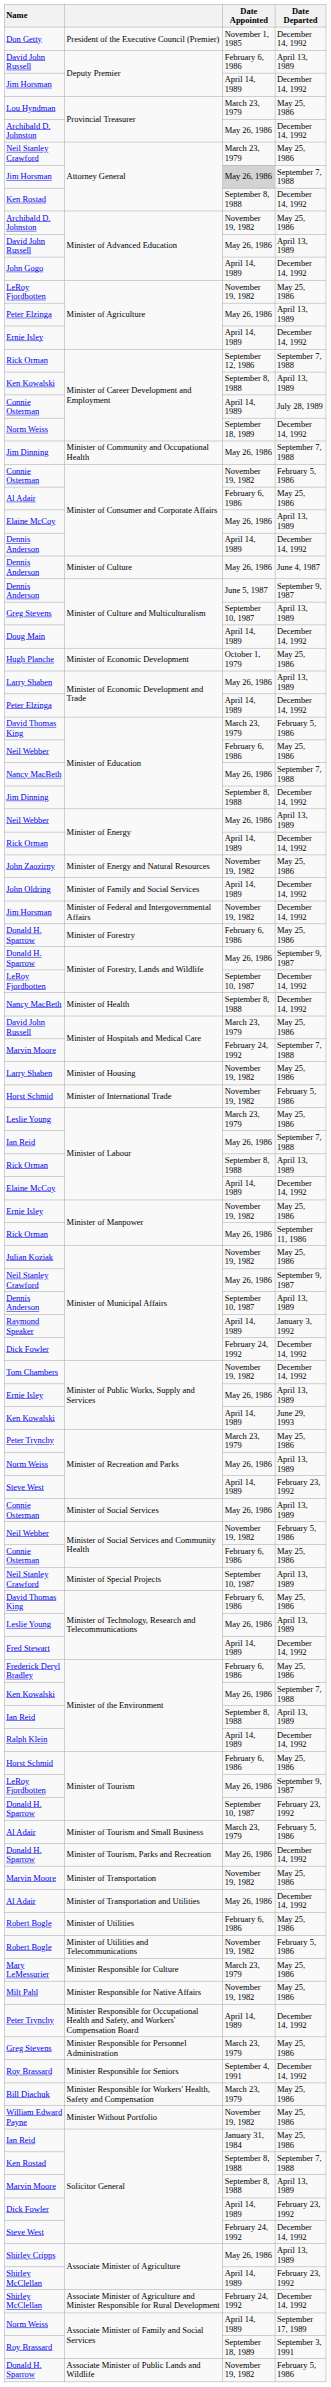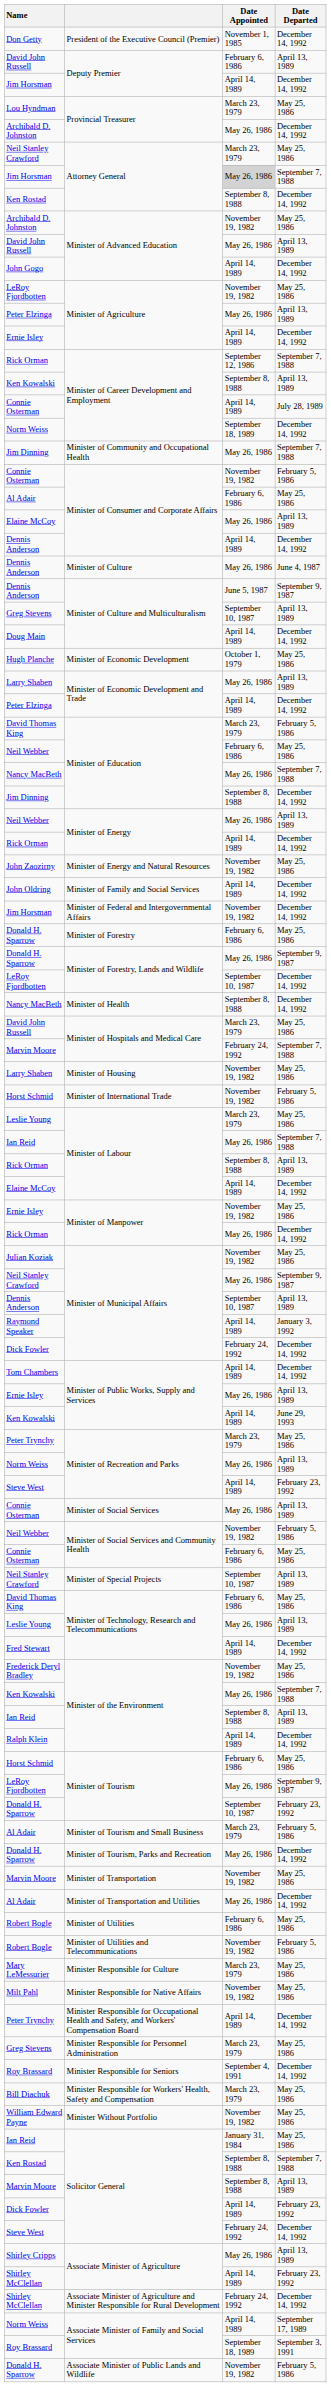 <table class="wikitable sortable" style="text-align:left;">
 <tr>
 <th style="text-align:left;">Name</th>
 <th></th>
 <th>Date Appointed</th>
 <th>Date Departed</th>
 </tr>
 <tr>
 <td style="text-align:left;"><a href='#'>Don Getty</a></td>
 <td>President of the Executive Council (Premier)</td>
 <td>November 1, 1985</td>
 <td>December 14, 1992</td>
 </tr>
 <tr>
 <td><a href='#'>David John Russell</a></td>
 <td rowspan="2">Deputy Premier</td>
 <td>February 6, 1986</td>
 <td>April 13, 1989</td>
 </tr>
 <tr>
 <td><a href='#'>Jim Horsman</a></td>
 <td>April 14, 1989</td>
 <td>December 14, 1992</td>
 </tr>
 <tr>
 <td style="text-align:left;"><a href='#'>Lou Hyndman</a></td>
 <td rowspan="2">Provincial Treasurer</td>
 <td>March 23, 1979</td>
 <td>May 25, 1986</td>
 </tr>
 <tr>
 <td style="text-align:left;"><a href='#'>Archibald D. Johnston</a></td>
 <td>May 26, 1986</td>
 <td>December 14, 1992</td>
 </tr>
 <tr>
 <td style="text-align:left;"><a href='#'>Neil Stanley Crawford</a></td>
 <td rowspan="3">Attorney General</td>
 <td>March 23, 1979</td>
 <td>May 25, 1986</td>
 </tr>
 <tr>
 <td style="text-align:left;"><a href='#'>Jim Horsman</a></td>
 <td style="background: lightgrey;">May 26, 1986</td>
 <td>September 7, 1988</td>
 </tr>
 <tr style="text-align:left;">
 <td><a href='#'>Ken Rostad</a></td>
 <td>September 8, 1988</td>
 <td>December 14, 1992</td>
 </tr>
 <tr style="text-align:left;">
 <td><a href='#'>Archibald D. Johnston</a></td>
 <td rowspan="3">Minister of Advanced Education</td>
 <td>November 19, 1982</td>
 <td>May 25, 1986</td>
 </tr>
 <tr>
 <td><a href='#'>David John Russell</a></td>
 <td>May 26, 1986</td>
 <td>April 13, 1989</td>
 </tr>
 <tr>
 <td><a href='#'>John Gogo</a></td>
 <td>April 14, 1989</td>
 <td>December 14, 1992</td>
 </tr>
 <tr>
 <td><a href='#'>LeRoy Fjordbotten</a></td>
 <td rowspan="3">Minister of Agriculture</td>
 <td>November 19, 1982</td>
 <td>May 25, 1986</td>
 </tr>
 <tr>
 <td><a href='#'>Peter Elzinga</a></td>
 <td>May 26, 1986</td>
 <td>April 13, 1989</td>
 </tr>
 <tr>
 <td><a href='#'>Ernie Isley</a></td>
 <td>April 14, 1989</td>
 <td>December 14, 1992</td>
 </tr>
 <tr>
 <td><a href='#'>Rick Orman</a></td>
 <td rowspan="4">Minister of Career Development and Employment</td>
 <td>September 12, 1986</td>
 <td>September 7, 1988</td>
 </tr>
 <tr>
 <td><a href='#'>Ken Kowalski</a></td>
 <td>September 8, 1988</td>
 <td>April 13, 1989</td>
 </tr>
 <tr>
 <td><a href='#'>Connie Osterman</a></td>
 <td>April 14, 1989</td>
 <td>July 28, 1989</td>
 </tr>
 <tr>
 <td><a href='#'>Norm Weiss</a></td>
 <td>September 18, 1989</td>
 <td>December 14, 1992</td>
 </tr>
 <tr>
 <td><a href='#'>Jim Dinning</a></td>
 <td>Minister of Community and Occupational Health</td>
 <td>May 26, 1986</td>
 <td>September 7, 1988</td>
 </tr>
 <tr>
 <td><a href='#'>Connie Osterman</a></td>
 <td rowspan="4">Minister of Consumer and Corporate Affairs</td>
 <td>November 19, 1982</td>
 <td>February 5, 1986</td>
 </tr>
 <tr>
 <td><a href='#'>Al Adair</a></td>
 <td>February 6, 1986</td>
 <td>May 25, 1986</td>
 </tr>
 <tr>
 <td><a href='#'>Elaine McCoy</a></td>
 <td>May 26, 1986</td>
 <td>April 13, 1989</td>
 </tr>
 <tr>
 <td><a href='#'>Dennis Anderson</a></td>
 <td>April 14, 1989</td>
 <td>December 14, 1992</td>
 </tr>
 <tr>
 <td><a href='#'>Dennis Anderson</a></td>
 <td>Minister of Culture</td>
 <td>May 26, 1986</td>
 <td>June 4, 1987</td>
 </tr>
 <tr>
 <td><a href='#'>Dennis Anderson</a></td>
 <td rowspan="3">Minister of Culture and Multiculturalism</td>
 <td>June 5, 1987</td>
 <td>September 9, 1987</td>
 </tr>
 <tr>
 <td><a href='#'>Greg Stevens</a></td>
 <td>September 10, 1987</td>
 <td>April 13, 1989</td>
 </tr>
 <tr>
 <td><a href='#'>Doug Main</a></td>
 <td>April 14, 1989</td>
 <td>December 14, 1992</td>
 </tr>
 <tr>
 <td><a href='#'>Hugh Planche</a></td>
 <td>Minister of Economic Development</td>
 <td>October 1, 1979</td>
 <td>May 25, 1986</td>
 </tr>
 <tr>
 <td><a href='#'>Larry Shaben</a></td>
 <td rowspan="2">Minister of Economic Development and Trade</td>
 <td>May 26, 1986</td>
 <td>April 13, 1989</td>
 </tr>
 <tr>
 <td><a href='#'>Peter Elzinga</a></td>
 <td>April 14, 1989</td>
 <td>December 14, 1992</td>
 </tr>
 <tr>
 <td><a href='#'>David Thomas King</a></td>
 <td rowspan="4">Minister of Education</td>
 <td>March 23, 1979</td>
 <td>February 5, 1986</td>
 </tr>
 <tr>
 <td><a href='#'>Neil Webber</a></td>
 <td>February 6, 1986</td>
 <td>May 25, 1986</td>
 </tr>
 <tr>
 <td><a href='#'>Nancy MacBeth</a></td>
 <td>May 26, 1986</td>
 <td>September 7, 1988</td>
 </tr>
 <tr>
 <td><a href='#'>Jim Dinning</a></td>
 <td>September 8, 1988</td>
 <td>December 14, 1992</td>
 </tr>
 <tr>
 <td><a href='#'>Neil Webber</a></td>
 <td rowspan="2">Minister of Energy</td>
 <td>May 26, 1986</td>
 <td>April 13, 1989</td>
 </tr>
 <tr>
 <td><a href='#'>Rick Orman</a></td>
 <td>April 14, 1989</td>
 <td>December 14, 1992</td>
 </tr>
 <tr>
 <td><a href='#'>John Zaozirny</a></td>
 <td>Minister of Energy and Natural Resources</td>
 <td>November 19, 1982</td>
 <td>May 25, 1986</td>
 </tr>
 <tr>
 <td><a href='#'>John Oldring</a></td>
 <td>Minister of Family and Social Services</td>
 <td>April 14, 1989</td>
 <td>December 14, 1992</td>
 </tr>
 <tr>
 <td><a href='#'>Jim Horsman</a></td>
 <td>Minister of Federal and Intergovernmental Affairs</td>
 <td>November 19, 1982</td>
 <td>December 14, 1992</td>
 </tr>
 <tr>
 <td><a href='#'>Donald H. Sparrow</a></td>
 <td>Minister of Forestry</td>
 <td>February 6, 1986</td>
 <td>May 25, 1986</td>
 </tr>
 <tr>
 <td><a href='#'>Donald H. Sparrow</a></td>
 <td rowspan="2">Minister of Forestry, Lands and Wildlife</td>
 <td>May 26, 1986</td>
 <td>September 9, 1987</td>
 </tr>
 <tr>
 <td><a href='#'>LeRoy Fjordbotten</a></td>
 <td>September 10, 1987</td>
 <td>December 14, 1992</td>
 </tr>
 <tr>
 <td><a href='#'>Nancy MacBeth</a></td>
 <td>Minister of Health</td>
 <td>September 8, 1988</td>
 <td>December 14, 1992</td>
 </tr>
 <tr>
 <td><a href='#'>David John Russell</a></td>
 <td rowspan="2">Minister of Hospitals and Medical Care</td>
 <td>March 23, 1979</td>
 <td>May 25, 1986</td>
 </tr>
 <tr>
 <td><a href='#'>Marvin Moore</a></td>
 <td>February 24, 1992</td>
 <td>September 7, 1988</td>
 </tr>
 <tr>
 <td><a href='#'>Larry Shaben</a></td>
 <td>Minister of Housing</td>
 <td>November 19, 1982</td>
 <td>May 25, 1986</td>
 </tr>
 <tr>
 <td><a href='#'>Horst Schmid</a></td>
 <td>Minister of International Trade</td>
 <td>November 19, 1982</td>
 <td>February 5, 1986</td>
 </tr>
 <tr>
 <td><a href='#'>Leslie Young</a></td>
 <td rowspan="4">Minister of Labour</td>
 <td>March 23, 1979</td>
 <td>May 25, 1986</td>
 </tr>
 <tr>
 <td><a href='#'>Ian Reid</a></td>
 <td>May 26, 1986</td>
 <td>September 7, 1988</td>
 </tr>
 <tr>
 <td><a href='#'>Rick Orman</a></td>
 <td>September 8, 1988</td>
 <td>April 13, 1989</td>
 </tr>
 <tr>
 <td><a href='#'>Elaine McCoy</a></td>
 <td>April 14, 1989</td>
 <td>December 14, 1992</td>
 </tr>
 <tr>
 <td><a href='#'>Ernie Isley</a></td>
 <td rowspan="2">Minister of Manpower</td>
 <td>November 19, 1982</td>
 <td>May 25, 1986</td>
 </tr>
 <tr>
 <td><a href='#'>Rick Orman</a></td>
 <td>May 26, 1986</td>
-<td>September 11, 1986</td>
+<td>December 14, 1992</td>
 </tr>
 <tr>
 <td><a href='#'>Julian Koziak</a></td>
 <td rowspan="5">Minister of Municipal Affairs</td>
 <td>November 19, 1982</td>
 <td>May 25, 1986</td>
 </tr>
 <tr>
 <td><a href='#'>Neil Stanley Crawford</a></td>
 <td>May 26, 1986</td>
 <td>September 9, 1987</td>
 </tr>
 <tr>
 <td><a href='#'>Dennis Anderson</a></td>
 <td>September 10, 1987</td>
 <td>April 13, 1989</td>
 </tr>
 <tr>
 <td><a href='#'>Raymond Speaker</a></td>
 <td>April 14, 1989</td>
 <td>January 3, 1992</td>
 </tr>
 <tr>
 <td><a href='#'>Dick Fowler</a></td>
 <td>February 24, 1992</td>
 <td>December 14, 1992</td>
 </tr>
 <tr>
 <td><a href='#'>Tom Chambers</a></td>
 <td rowspan="3">Minister of Public Works, Supply and Services</td>
-<td>November 19, 1982</td>
+<td>April 14, 1989</td>
 <td>December 14, 1992</td>
 </tr>
 <tr>
 <td><a href='#'>Ernie Isley</a></td>
 <td>May 26, 1986</td>
 <td>April 13, 1989</td>
 </tr>
 <tr>
 <td><a href='#'>Ken Kowalski</a></td>
 <td>April 14, 1989</td>
 <td>June 29, 1993</td>
 </tr>
 <tr>
 <td><a href='#'>Peter Trynchy</a></td>
 <td rowspan="3">Minister of Recreation and Parks</td>
 <td>March 23, 1979</td>
 <td>May 25, 1986</td>
 </tr>
 <tr>
 <td><a href='#'>Norm Weiss</a></td>
 <td>May 26, 1986</td>
 <td>April 13, 1989</td>
 </tr>
 <tr>
 <td><a href='#'>Steve West</a></td>
 <td>April 14, 1989</td>
 <td>February 23, 1992</td>
 </tr>
 <tr>
 <td><a href='#'>Connie Osterman</a></td>
 <td>Minister of Social Services</td>
 <td>May 26, 1986</td>
 <td>April 13, 1989</td>
 </tr>
 <tr>
 <td><a href='#'>Neil Webber</a></td>
 <td rowspan="2">Minister of Social Services and Community Health</td>
 <td>November 19, 1982</td>
 <td>February 5, 1986</td>
 </tr>
 <tr>
 <td><a href='#'>Connie Osterman</a></td>
 <td>February 6, 1986</td>
 <td>May 25, 1986</td>
 </tr>
 <tr>
 <td><a href='#'>Neil Stanley Crawford</a></td>
 <td>Minister of Special Projects</td>
 <td>September 10, 1987</td>
 <td>April 13, 1989</td>
 </tr>
 <tr>
 <td><a href='#'>David Thomas King</a></td>
 <td rowspan="3">Minister of Technology, Research and Telecommunications</td>
 <td>February 6, 1986</td>
 <td>May 25, 1986</td>
 </tr>
 <tr>
 <td><a href='#'>Leslie Young</a></td>
 <td>May 26, 1986</td>
 <td>April 13, 1989</td>
 </tr>
 <tr>
 <td><a href='#'>Fred Stewart</a></td>
 <td>April 14, 1989</td>
 <td>December 14, 1992</td>
 </tr>
 <tr>
 <td><a href='#'>Frederick Deryl Bradley</a></td>
 <td rowspan="4">Minister of the Environment</td>
-<td>February 6, 1986</td>
+<td>November 19, 1982</td>
 <td>May 25, 1986</td>
 </tr>
 <tr>
 <td><a href='#'>Ken Kowalski</a></td>
 <td>May 26, 1986</td>
 <td>September 7, 1988</td>
 </tr>
 <tr>
 <td><a href='#'>Ian Reid</a></td>
 <td>September 8, 1988</td>
 <td>April 13, 1989</td>
 </tr>
 <tr>
 <td><a href='#'>Ralph Klein</a></td>
 <td>April 14, 1989</td>
 <td>December 14, 1992</td>
 </tr>
 <tr>
 <td><a href='#'>Horst Schmid</a></td>
 <td rowspan="3">Minister of Tourism</td>
 <td>February 6, 1986</td>
 <td>May 25, 1986</td>
 </tr>
 <tr>
 <td><a href='#'>LeRoy Fjordbotten</a></td>
 <td>May 26, 1986</td>
 <td>September 9, 1987</td>
 </tr>
 <tr>
 <td><a href='#'>Donald H. Sparrow</a></td>
 <td>September 10, 1987</td>
 <td>February 23, 1992</td>
 </tr>
 <tr>
 <td><a href='#'>Al Adair</a></td>
 <td>Minister of Tourism and Small Business</td>
 <td>March 23, 1979</td>
 <td>February 5, 1986</td>
 </tr>
 <tr>
 <td><a href='#'>Donald H. Sparrow</a></td>
 <td>Minister of Tourism, Parks and Recreation</td>
 <td>May 26, 1986</td>
 <td>December 14, 1992</td>
 </tr>
 <tr>
 <td><a href='#'>Marvin Moore</a></td>
 <td>Minister of Transportation</td>
 <td>November 19, 1982</td>
 <td>May 25, 1986</td>
 </tr>
 <tr>
 <td><a href='#'>Al Adair</a></td>
 <td>Minister of Transportation and Utilities</td>
 <td>May 26, 1986</td>
 <td>December 14, 1992</td>
 </tr>
 <tr>
 <td><a href='#'>Robert Bogle</a></td>
 <td>Minister of Utilities</td>
 <td>February 6, 1986</td>
 <td>May 25, 1986</td>
 </tr>
 <tr>
 <td><a href='#'>Robert Bogle</a></td>
 <td>Minister of Utilities and Telecommunications</td>
 <td>November 19, 1982</td>
 <td>February 5, 1986</td>
 </tr>
 <tr>
 <td><a href='#'>Mary LeMessurier</a></td>
 <td>Minister Responsible for Culture</td>
 <td>March 23, 1979</td>
 <td>May 25, 1986</td>
 </tr>
 <tr>
 <td><a href='#'>Milt Pahl</a></td>
 <td>Minister Responsible for Native Affairs</td>
 <td>November 19, 1982</td>
 <td>May 25, 1986</td>
 </tr>
 <tr>
 <td><a href='#'>Peter Trynchy</a></td>
 <td>Minister Responsible for Occupational Health and Safety, and Workers' Compensation Board</td>
 <td>April 14, 1989</td>
 <td>December 14, 1992</td>
 </tr>
 <tr>
 <td><a href='#'>Greg Stevens</a></td>
 <td>Minister Responsible for Personnel Administration</td>
 <td>March 23, 1979</td>
 <td>May 25, 1986</td>
 </tr>
 <tr>
 <td><a href='#'>Roy Brassard</a></td>
 <td>Minister Responsible for Seniors</td>
 <td>September 4, 1991</td>
 <td>December 14, 1992</td>
 </tr>
 <tr>
 <td><a href='#'>Bill Diachuk</a></td>
 <td>Minister Responsible for Workers' Health, Safety and Compensation</td>
 <td>March 23, 1979</td>
 <td>May 25, 1986</td>
 </tr>
 <tr>
 <td><a href='#'>William Edward Payne</a></td>
 <td>Minister Without Portfolio</td>
 <td>November 19, 1982</td>
 <td>May 25, 1986</td>
 </tr>
 <tr>
 <td><a href='#'>Ian Reid</a></td>
 <td rowspan="5">Solicitor General</td>
 <td>January 31, 1984</td>
 <td>May 25, 1986</td>
 </tr>
 <tr>
 <td><a href='#'>Ken Rostad</a></td>
 <td>September 8, 1988</td>
 <td>September 7, 1988</td>
 </tr>
 <tr>
 <td><a href='#'>Marvin Moore</a></td>
 <td>September 8, 1988</td>
 <td>April 13, 1989</td>
 </tr>
 <tr>
 <td><a href='#'>Dick Fowler</a></td>
 <td>April 14, 1989</td>
 <td>February 23, 1992</td>
 </tr>
 <tr>
 <td><a href='#'>Steve West</a></td>
 <td>February 24, 1992</td>
 <td>December 14, 1992</td>
 </tr>
 <tr>
 <td><a href='#'>Shirley Cripps</a></td>
 <td rowspan="2">Associate Minister of Agriculture</td>
 <td>May 26, 1986</td>
 <td>April 13, 1989</td>
 </tr>
 <tr>
 <td><a href='#'>Shirley McClellan</a></td>
 <td>April 14, 1989</td>
 <td>February 23, 1992</td>
 </tr>
 <tr>
 <td><a href='#'>Shirley McClellan</a></td>
 <td>Associate Minister of Agriculture and Minister Responsible for Rural Development</td>
 <td>February 24, 1992</td>
 <td>December 14, 1992</td>
 </tr>
 <tr>
 <td><a href='#'>Norm Weiss</a></td>
 <td rowspan="2">Associate Minister of Family and Social Services</td>
 <td>April 14, 1989</td>
 <td>September 17, 1989</td>
 </tr>
 <tr>
 <td><a href='#'>Roy Brassard</a></td>
 <td>September 18, 1989</td>
 <td>September 3, 1991</td>
 </tr>
 <tr>
 <td><a href='#'>Donald H. Sparrow</a></td>
 <td>Associate Minister of Public Lands and Wildlife</td>
 <td>November 19, 1982</td>
 <td>February 5, 1986</td>
 </tr>
 </table>
